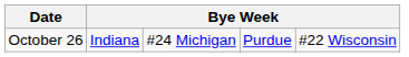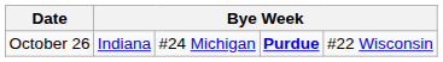 <table class="wikitable" style="font-size:95%;">
 <tr>
 <th>Date</th>
 <th colspan="4">Bye Week</th>
 </tr>
 <tr>
 <td>October 26</td>
 <td><a href='#'>Indiana</a></td>
 <td>#24 <a href='#'>Michigan</a></td>
-<td><a href='#'>Purdue</a></td>
+<td><strong><a href='#'>Purdue</a></strong></td>
 <td>#22 <a href='#'>Wisconsin</a></td>
 </tr>
 </table>
